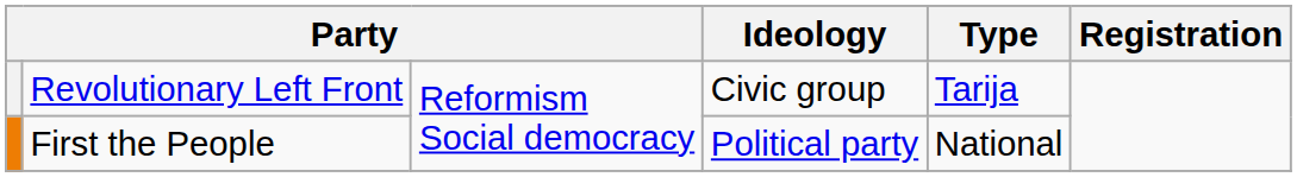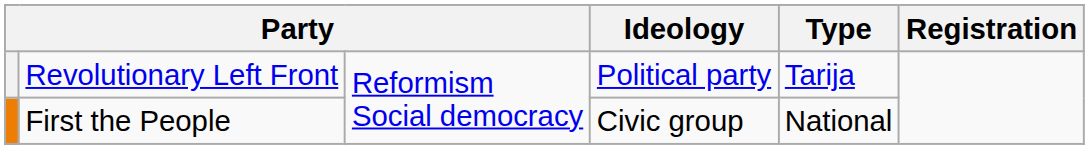 <table class="wikitable" style="font-size:95%">
 <tr>
 <th colspan="3">Party</th>
 <th>Ideology</th>
 <th>Type</th>
 <th>Registration</th>
 </tr>
 <tr>
 <th style="background-color:"></th>
 <td><a href='#'>Revolutionary Left Front</a></td>
 <td rowspan="2"><a href='#'>Reformism</a><br><a href='#'>Social democracy</a></td>
-<td>Civic group</td>
+<td><a href='#'>Political party</a></td>
 <td><a href='#'>Tarija</a></td>
 </tr>
 <tr>
 <td style="background-color:#EE7D03"></td>
 <td>First the People</td>
-<td><a href='#'>Political party</a></td>
+<td>Civic group</td>
 <td>National</td>
 </tr>
 </table>
